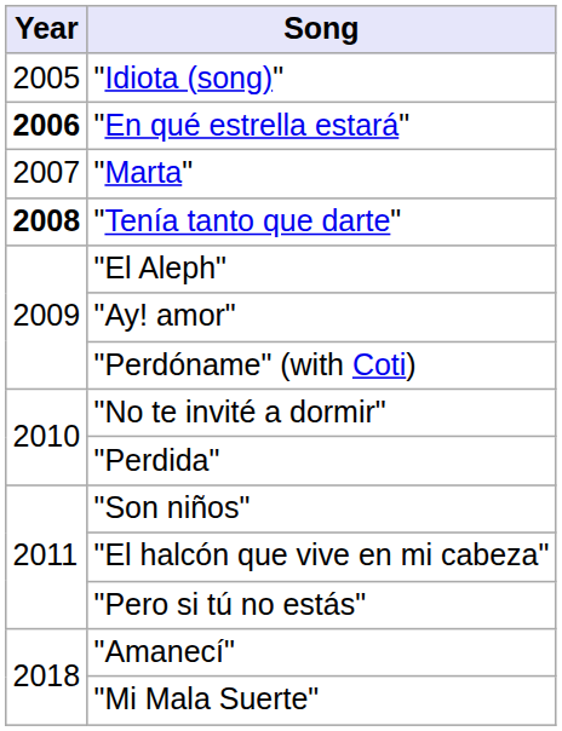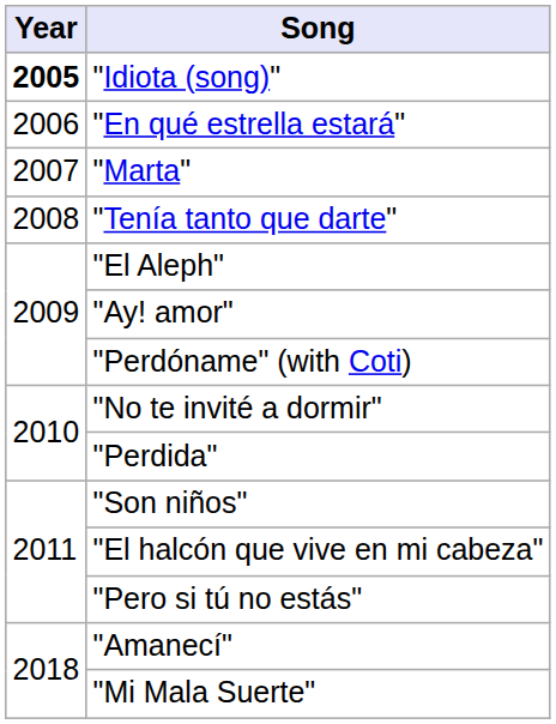 <table border="0" style="background:#ffffff" align="top" class="sortable wikitable">
 <tr>
 <th style="background:Lavender; color:Black">Year</th>
 <th style="background:Lavender; color:Black">Song</th>
 </tr>
 <tr>
-<td>2005</td>
+<td><strong>2005</strong></td>
 <td>"<a href='#'>Idiota (song)</a>"</td>
 </tr>
 <tr>
-<td><strong>2006</strong></td>
+<td>2006</td>
 <td>"<a href='#'>En qué estrella estará</a>"</td>
 </tr>
 <tr>
 <td>2007</td>
 <td>"<a href='#'>Marta</a>"</td>
 </tr>
 <tr>
-<td><strong>2008</strong></td>
+<td>2008</td>
 <td>"<a href='#'>Tenía tanto que darte</a>"</td>
 </tr>
 <tr>
 <td rowspan=3>2009</td>
 <td>"El Aleph"</td>
 </tr>
 <tr>
 <td>"Ay! amor"</td>
 </tr>
 <tr>
 <td>"Perdóname" (with <a href='#'>Coti</a>)</td>
 </tr>
 <tr>
 <td rowspan=2>2010</td>
 <td>"No te invité a dormir"</td>
 </tr>
 <tr>
 <td>"Perdida"</td>
 </tr>
 <tr>
 <td rowspan=3>2011</td>
 <td>"Son niños"</td>
 </tr>
 <tr>
 <td>"El halcón que vive en mi cabeza"</td>
 </tr>
 <tr>
 <td>"Pero si tú no estás"</td>
 </tr>
 <tr>
 <td rowspan=2>2018</td>
 <td>"Amanecí"</td>
 </tr>
 <tr>
 <td>"Mi Mala Suerte"</td>
 </tr>
 </table>
